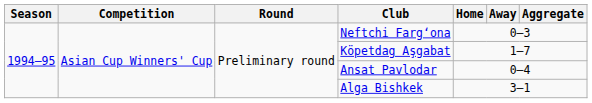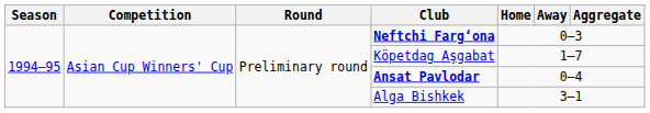 <table class="wikitable">
 <tr>
 <th>Season</th>
 <th>Competition</th>
 <th>Round</th>
 <th>Club</th>
 <th>Home</th>
 <th>Away</th>
 <th>Aggregate</th>
 </tr>
 <tr>
 <td rowspan="4"><a href='#'>1994–95</a></td>
 <td rowspan="4"><a href='#'>Asian Cup Winners' Cup</a></td>
 <td rowspan="4">Preliminary round</td>
-<td> <a href='#'>Neftchi Fargʻona</a></td>
+<td><strong> <a href='#'>Neftchi Fargʻona</a></strong></td>
 <td colspan=3; style="text-align:center;">0–3</td>
 </tr>
 <tr>
 <td> <a href='#'>Köpetdag Aşgabat</a></td>
 <td colspan=3; style="text-align:center;">1–7</td>
 </tr>
 <tr>
-<td> <a href='#'>Ansat Pavlodar</a></td>
+<td><strong> <a href='#'>Ansat Pavlodar</a></strong></td>
 <td colspan=3; style="text-align:center;">0–4</td>
 </tr>
 <tr>
 <td> <a href='#'>Alga Bishkek</a></td>
 <td colspan=3; style="text-align:center;">3–1</td>
 </tr>
 </table>
